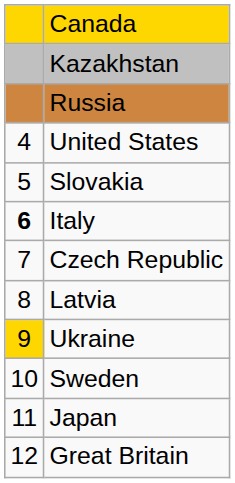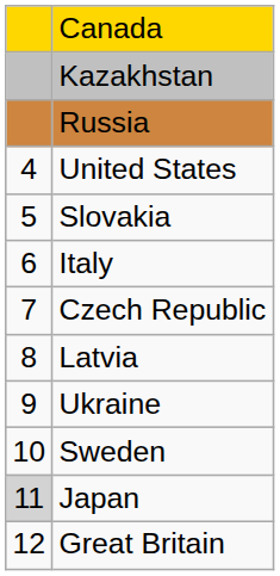 <table class="wikitable">
 <tr style="background:gold;">
 <td align=center></td>
 <td> Canada</td>
 </tr>
 <tr style="background:silver;">
 <td align=center></td>
 <td> Kazakhstan</td>
 </tr>
 <tr style="background:peru;">
 <td align=center></td>
 <td> Russia</td>
 </tr>
 <tr>
 <td align=center>4</td>
 <td> United States</td>
 </tr>
 <tr>
 <td align=center>5</td>
 <td> Slovakia</td>
 </tr>
 <tr>
-<td align=center><strong>6</strong></td>
+<td align=center>6</td>
 <td> Italy</td>
 </tr>
 <tr>
 <td align=center>7</td>
 <td> Czech Republic</td>
 </tr>
 <tr>
 <td align=center>8</td>
 <td> Latvia</td>
 </tr>
 <tr>
-<td align=center style="background: gold;">9</td>
+<td align=center>9</td>
 <td> Ukraine</td>
 </tr>
 <tr>
 <td align=center>10</td>
 <td> Sweden</td>
 </tr>
 <tr>
-<td align=center>11</td>
+<td align=center style="background: lightgrey;">11</td>
 <td> Japan</td>
 </tr>
 <tr>
 <td align=center>12</td>
 <td> Great Britain</td>
 </tr>
 </table>
